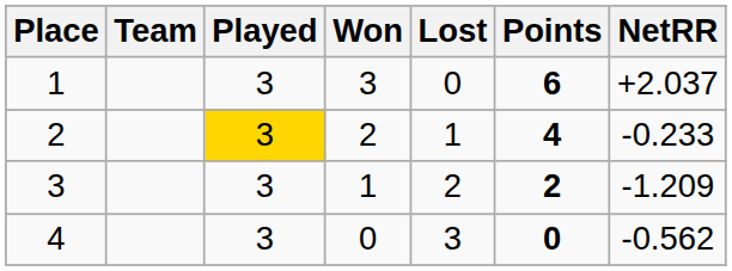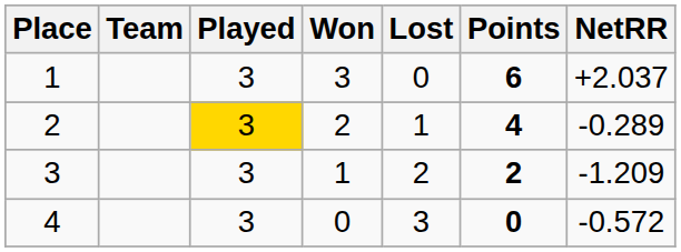 <table class="wikitable">
 <tr>
 <th>Place</th>
 <th>Team</th>
 <th>Played</th>
 <th>Won</th>
 <th>Lost</th>
 <th>Points</th>
 <th>NetRR</th>
 </tr>
 <tr align="center">
 <td>1</td>
 <td align="left"></td>
 <td>3</td>
 <td>3</td>
 <td>0</td>
 <td><strong>6</strong></td>
 <td>+2.037</td>
 </tr>
 <tr align="center">
 <td>2</td>
 <td align="left"></td>
 <td style="background: gold;">3</td>
 <td>2</td>
 <td>1</td>
 <td><strong>4</strong></td>
-<td>-0.233</td>
+<td>-0.289</td>
 </tr>
 <tr align="center">
 <td>3</td>
 <td align="left"></td>
 <td>3</td>
 <td>1</td>
 <td>2</td>
 <td><strong>2</strong></td>
 <td>-1.209</td>
 </tr>
 <tr align="center">
 <td>4</td>
 <td align="left"></td>
 <td>3</td>
 <td>0</td>
 <td>3</td>
 <td><strong>0</strong></td>
-<td>-0.562</td>
+<td>-0.572</td>
 </tr>
 </table>
